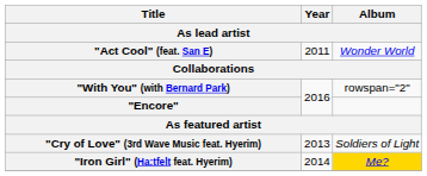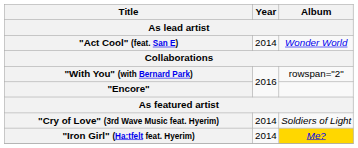 <table class="wikitable plainrowheaders" style="text-align:center;" border="1">
 <tr>
 <th scope="col" style="width:25em;">Title</th>
 <th scope="col">Year</th>
 <th scope="col">Album</th>
 </tr>
 <tr>
 <th colspan="3">As lead artist</th>
 </tr>
 <tr>
 <th scope=row>"Act Cool" <small>(feat. <a href='#'>San E</a>)</small></th>
-<td>2011</td>
+<td>2014</td>
 <td><em><a href='#'>Wonder World</a></em></td>
 </tr>
 <tr>
 <th colspan="3">Collaborations</th>
 </tr>
 <tr>
 <th scope=row>"With You" <small>(with <a href='#'>Bernard Park</a>)</small></th>
 <td rowspan="2">2016</td>
 <td>rowspan="2" </td>
 </tr>
 <tr>
 <th scope=row>"Encore"<br></th>
 </tr>
 <tr>
 <th colspan="3">As featured artist</th>
 </tr>
 <tr>
 <th scope=row>"Cry of Love" <small> (3rd Wave Music feat. Hyerim) </small></th>
-<td>2013</td>
+<td>2014</td>
 <td><em>Soldiers of Light</em></td>
 </tr>
 <tr>
 <th scope=row>"Iron Girl" <small>(<a href='#'>Ha:tfelt</a> feat. Hyerim)</small></th>
 <td>2014</td>
 <td style="background: gold;"><em><a href='#'>Me?</a></em></td>
 </tr>
 <tr>
 </tr>
 </table>
